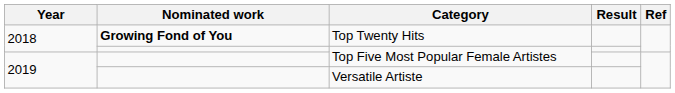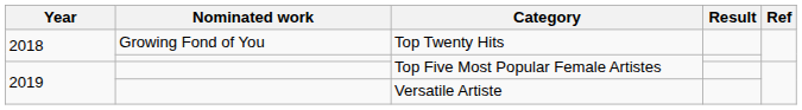 <table class="wikitable"  width="92%">
 <tr>
 <th width="12%">Year</th>
 <th width="30%">Nominated work</th>
 <th width="34%">Category</th>
 <th width="3%">Result</th>
 <th width="2%">Ref</th>
 </tr>
 <tr>
 <td rowspan=2>2018</td>
-<td><strong>Growing Fond of You</strong></td>
+<td>Growing Fond of You</td>
 <td>Top Twenty Hits</td>
 <td></td>
 <td rowspan=2></td>
 </tr>
 <tr>
 <td></td>
 <td rowspan=2>Top Five Most Popular Female Artistes</td>
 <td></td>
 </tr>
 <tr>
 <td rowspan=2>2019</td>
 <td></td>
 <td></td>
 <td rowspan=2></td>
 </tr>
 <tr>
 <td></td>
 <td>Versatile Artiste</td>
 <td></td>
 </tr>
 </table>
